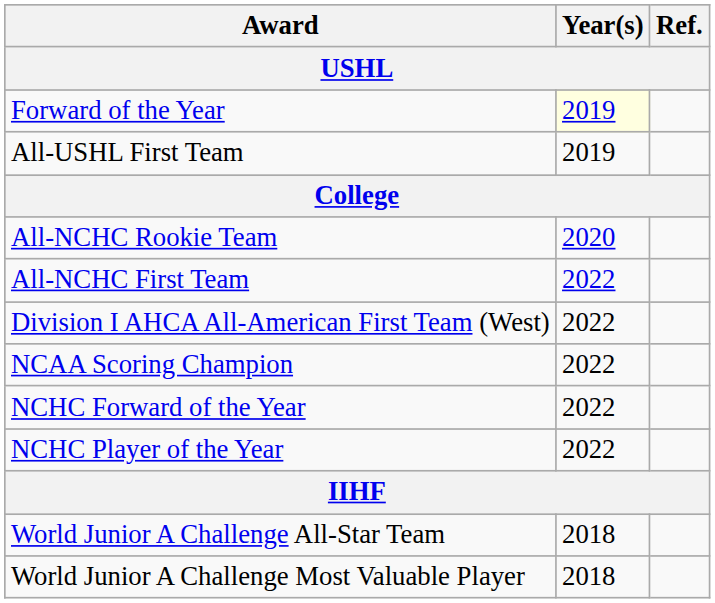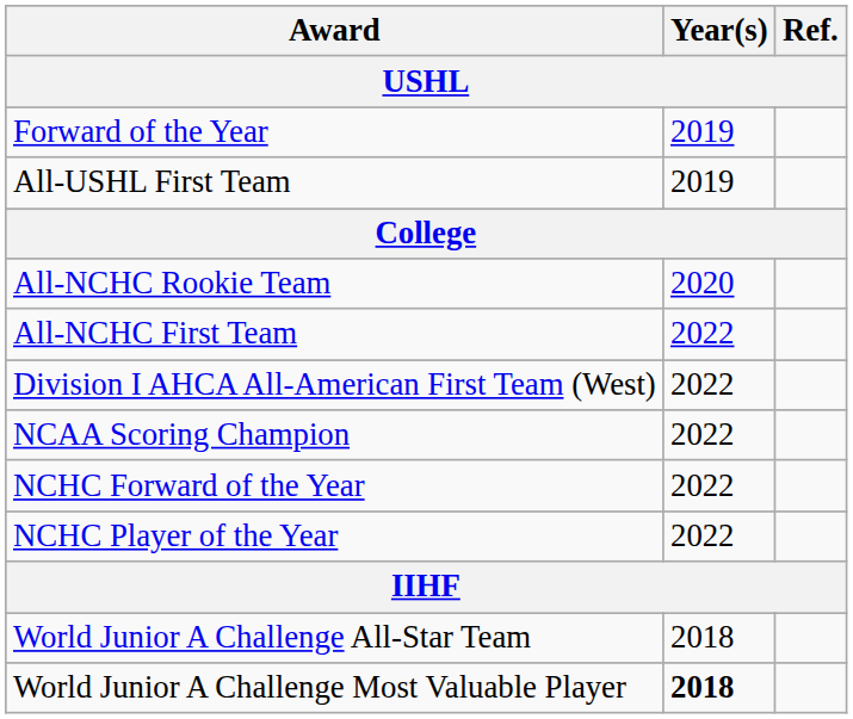 <table class="wikitable">
 <tr>
 <th>Award</th>
 <th>Year(s)</th>
 <th>Ref.</th>
 </tr>
 <tr>
 <th colspan="3"><a href='#'>USHL</a></th>
 </tr>
 <tr>
 <td><a href='#'>Forward of the Year</a></td>
-<td style="background: lightyellow;"><a href='#'>2019</a></td>
+<td><a href='#'>2019</a></td>
 <td></td>
 </tr>
 <tr>
 <td>All-USHL First Team</td>
 <td>2019</td>
 <td></td>
 </tr>
 <tr>
 <th colspan="3"><a href='#'>College</a></th>
 </tr>
 <tr>
 <td><a href='#'>All-NCHC Rookie Team</a></td>
 <td><a href='#'>2020</a></td>
 <td></td>
 </tr>
 <tr>
 <td><a href='#'>All-NCHC First Team</a></td>
 <td><a href='#'>2022</a></td>
 <td></td>
 </tr>
 <tr>
 <td><a href='#'>Division I AHCA All-American First Team</a> (West)</td>
 <td>2022</td>
 <td></td>
 </tr>
 <tr>
 <td><a href='#'>NCAA Scoring Champion</a></td>
 <td>2022</td>
 <td></td>
 </tr>
 <tr>
 <td><a href='#'>NCHC Forward of the Year</a></td>
 <td>2022</td>
 <td></td>
 </tr>
 <tr>
 <td><a href='#'>NCHC Player of the Year</a></td>
 <td>2022</td>
 <td></td>
 </tr>
 <tr>
 <th colspan="3"><a href='#'>IIHF</a></th>
 </tr>
 <tr>
 <td><a href='#'>World Junior A Challenge</a> All-Star Team</td>
 <td>2018</td>
 <td></td>
 </tr>
 <tr>
 <td>World Junior A Challenge Most Valuable Player</td>
-<td>2018</td>
+<td><strong>2018</strong></td>
 <td></td>
 </tr>
 </table>
